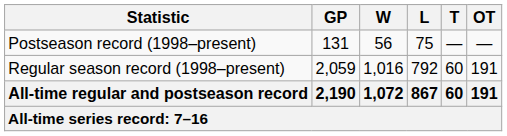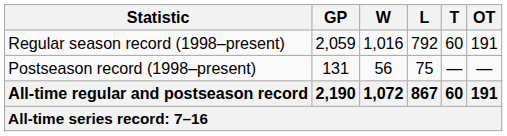 <table class="wikitable" style="text-align:center; font-size:95%">
 <tr>
 <th>Statistic</th>
 <th>GP</th>
 <th>W</th>
 <th>L</th>
 <th>T</th>
 <th>OT</th>
 </tr>
 <tr>
+<td style="text-align:left;">Regular season record (1998–present)</td>
+<td>2,059</td>
+<td>1,016</td>
+<td>792</td>
+<td>60</td>
+<td>191</td>
+</tr>
+<tr>
 <td style="text-align:left;">Postseason record (1998–present)</td>
 <td>131</td>
 <td>56</td>
 <td>75</td>
 <td>—</td>
 <td>—</td>
-</tr>
-<tr>
-<td style="text-align:left;">Regular season record (1998–present)</td>
-<td>2,059</td>
-<td>1,016</td>
-<td>792</td>
-<td>60</td>
-<td>191</td>
 </tr>
 <tr>
 <th style="text-align:left;">All-time regular and postseason record</th>
 <th>2,190</th>
 <th>1,072</th>
 <th>867</th>
 <th>60</th>
 <th>191</th>
 </tr>
 <tr>
 <th colspan="6" style="text-align:left; font-size:95%">All-time series record: 7–16</th>
 </tr>
 </table>
